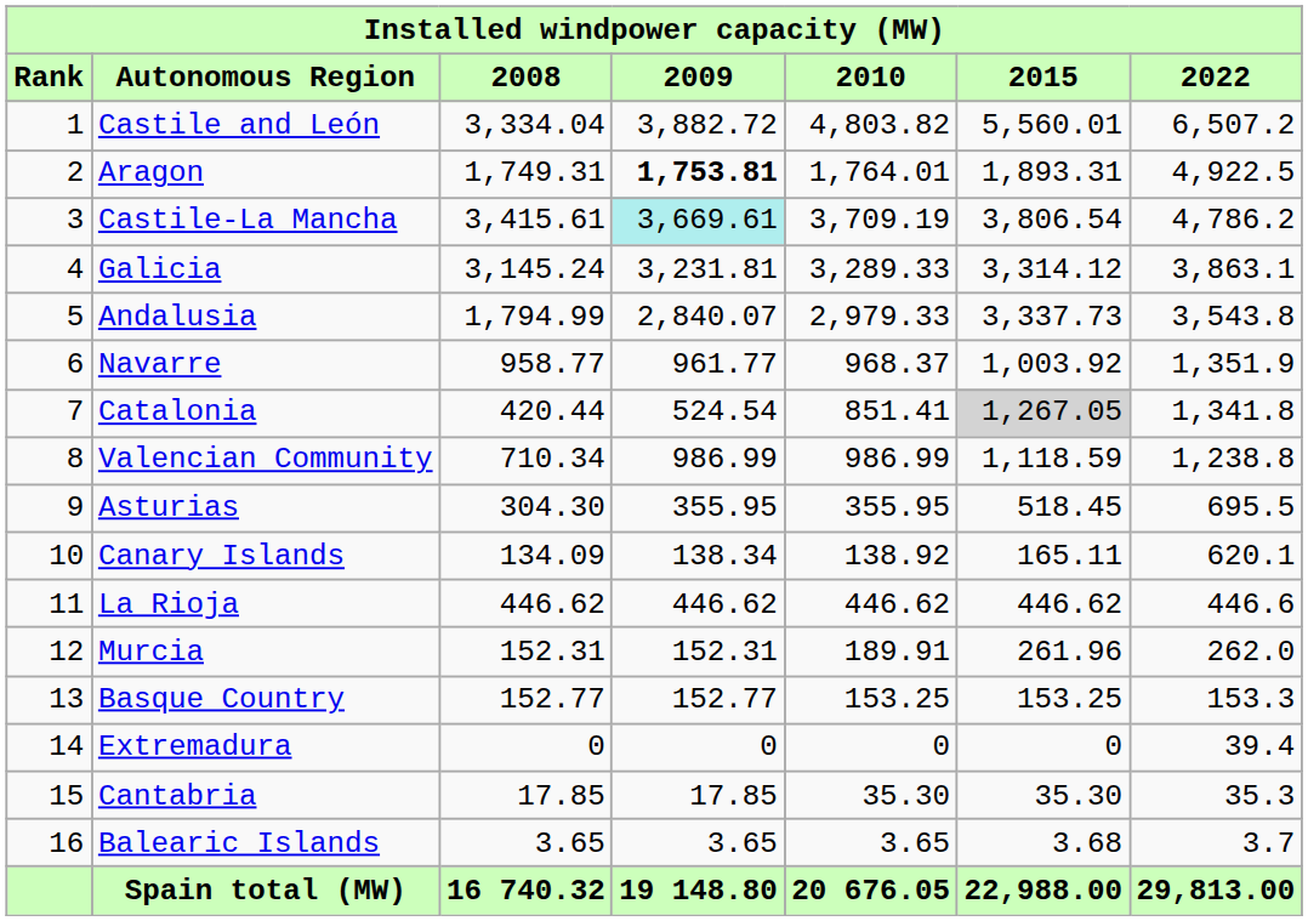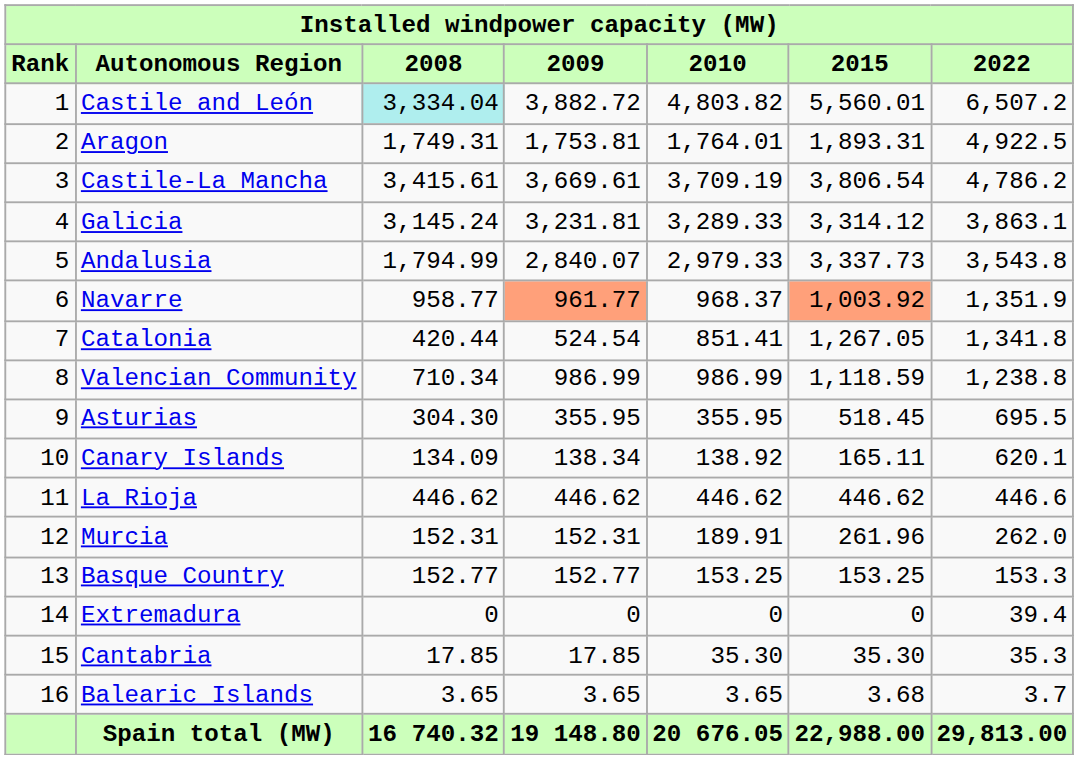 <table class="wikitable sortable" style="float: right; margin-left: 10px">
 <tr>
 <th colspan="8" align=center style="background-color: #cfb;">Installed windpower capacity (MW)</th>
 </tr>
 <tr>
 <th style="background-color: #cfb;">Rank</th>
 <th style="background-color: #cfb;">Autonomous Region</th>
 <th style="background-color: #cfb;" align=right>2008</th>
 <th style="background-color: #cfb;" align=right>2009</th>
 <th style="background-color: #cfb;" align=right>2010</th>
 <th style="background-color: #cfb;" align=right>2015</th>
 <th style="background-color: #cfb;" align=right>2022 </th>
 </tr>
 <tr>
 <td align=right>1</td>
 <td><a href='#'>Castile and León</a></td>
-<td align=right>3,334.04</td>
+<td align=right style="background: paleturquoise;">3,334.04</td>
 <td align=right>3,882.72</td>
 <td align=right>4,803.82</td>
 <td align=right>5,560.01</td>
 <td align=right>6,507.2</td>
 </tr>
 <tr>
 <td align=right>2</td>
 <td><a href='#'>Aragon</a></td>
 <td align=right>1,749.31</td>
-<td align=right><strong>1,753.81</strong></td>
+<td align=right>1,753.81</td>
 <td align=right>1,764.01</td>
 <td align=right>1,893.31</td>
 <td align=right>4,922.5</td>
 </tr>
 <tr>
 <td align=right>3</td>
 <td><a href='#'>Castile-La Mancha</a></td>
 <td align=right>3,415.61</td>
-<td align=right style="background: paleturquoise;">3,669.61</td>
+<td align=right>3,669.61</td>
 <td align=right>3,709.19</td>
 <td align=right>3,806.54</td>
 <td align=right>4,786.2</td>
 </tr>
 <tr>
 <td align=right>4</td>
 <td><a href='#'>Galicia</a></td>
 <td align=right>3,145.24</td>
 <td align=right>3,231.81</td>
 <td align=right>3,289.33</td>
 <td align=right>3,314.12</td>
 <td align=right>3,863.1</td>
 </tr>
 <tr>
 <td align=right>5</td>
 <td><a href='#'>Andalusia</a></td>
 <td align=right>1,794.99</td>
 <td align=right>2,840.07</td>
 <td align=right>2,979.33</td>
 <td align=right>3,337.73</td>
 <td align=right>3,543.8</td>
 </tr>
 <tr>
 <td align=right>6</td>
 <td><a href='#'>Navarre</a></td>
 <td align=right>958.77</td>
-<td align=right>961.77</td>
+<td align=right style="background: lightsalmon;">961.77</td>
 <td align=right>968.37</td>
-<td align=right>1,003.92</td>
+<td align=right style="background: lightsalmon;">1,003.92</td>
 <td align=right>1,351.9</td>
 </tr>
 <tr>
 <td align=right>7</td>
 <td><a href='#'>Catalonia</a></td>
 <td align=right>420.44</td>
 <td align=right>524.54</td>
 <td align=right>851.41</td>
-<td align=right style="background: lightgrey;">1,267.05</td>
+<td align=right>1,267.05</td>
 <td align=right>1,341.8</td>
 </tr>
 <tr>
 <td align=right>8</td>
 <td><a href='#'>Valencian Community</a></td>
 <td align=right>710.34</td>
 <td align=right>986.99</td>
 <td align=right>986.99</td>
 <td align=right>1,118.59</td>
 <td align=right>1,238.8</td>
 </tr>
 <tr>
 <td align=right>9</td>
 <td><a href='#'>Asturias</a></td>
 <td align=right>304.30</td>
 <td align=right>355.95</td>
 <td align=right>355.95</td>
 <td align=right>518.45</td>
 <td align=right>695.5</td>
 </tr>
 <tr>
 <td align=right>10</td>
 <td><a href='#'>Canary Islands</a></td>
 <td align=right>134.09</td>
 <td align=right>138.34</td>
 <td align=right>138.92</td>
 <td align=right>165.11</td>
 <td align=right>620.1</td>
 </tr>
 <tr>
 <td align=right>11</td>
 <td><a href='#'>La Rioja</a></td>
 <td align=right>446.62</td>
 <td align=right>446.62</td>
 <td align=right>446.62</td>
 <td align=right>446.62</td>
 <td align=right>446.6</td>
 </tr>
 <tr>
 <td align=right>12</td>
 <td><a href='#'>Murcia</a></td>
 <td align=right>152.31</td>
 <td align=right>152.31</td>
 <td align=right>189.91</td>
 <td align=right>261.96</td>
 <td align=right>262.0</td>
 </tr>
 <tr>
 <td align=right>13</td>
 <td><a href='#'>Basque Country</a></td>
 <td align=right>152.77</td>
 <td align=right>152.77</td>
 <td align=right>153.25</td>
 <td align=right>153.25</td>
 <td align=right>153.3</td>
 </tr>
 <tr>
 <td align=right>14</td>
 <td><a href='#'>Extremadura</a></td>
 <td align=right>0</td>
 <td align=right>0</td>
 <td align=right>0</td>
 <td align=right>0</td>
 <td align=right>39.4</td>
 </tr>
 <tr>
 <td align=right>15</td>
 <td><a href='#'>Cantabria</a></td>
 <td align=right>17.85</td>
 <td align=right>17.85</td>
 <td align=right>35.30</td>
 <td align=right>35.30</td>
 <td align=right>35.3</td>
 </tr>
 <tr>
 <td align=right>16</td>
 <td><a href='#'>Balearic Islands</a></td>
 <td align=right>3.65</td>
 <td align=right>3.65</td>
 <td align=right>3.65</td>
 <td align=right>3.68</td>
 <td align=right>3.7</td>
 </tr>
 <tr>
 <th style="background-color: #cfb;"></th>
 <th style="background-color: #cfb;">Spain total (MW)</th>
 <td align=right style="background-color: #cfb;"><strong>16 740.32</strong></td>
 <td align=right style="background-color: #cfb;"><strong>19 148.80</strong></td>
 <td align=right style="background-color: #cfb;"><strong>20 676.05</strong></td>
 <td align=right style="background-color: #cfb;"><strong>22,988.00</strong></td>
 <td align=right style="background-color: #cfb;"><strong>29,813.00</strong></td>
 </tr>
 </table>
